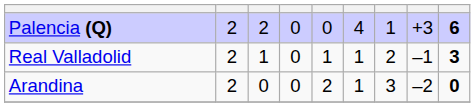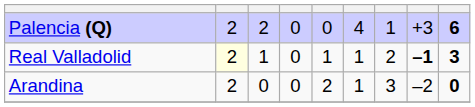 <table class="wikitable" style="text-align: center;">
 <tr>
 <th width="175"></th>
 <th width="20"></th>
 <th width="20"></th>
 <th width="20"></th>
 <th width="20"></th>
 <th width="20"></th>
 <th width="20"></th>
 <th width="20"></th>
 <th width="20"></th>
 </tr>
 <tr bgcolor=#ccccff>
 <td align=left><a href='#'>Palencia</a> <strong>(Q)</strong></td>
 <td>2</td>
 <td>2</td>
 <td>0</td>
 <td>0</td>
 <td>4</td>
 <td>1</td>
 <td>+3</td>
 <td><strong>6</strong></td>
 </tr>
 <tr>
 <td align=left><a href='#'>Real Valladolid</a></td>
-<td>2</td>
+<td style="background: lightyellow;">2</td>
 <td>1</td>
 <td>0</td>
 <td>1</td>
 <td>1</td>
 <td>2</td>
-<td>–1</td>
+<td><strong>–1</strong></td>
 <td><strong>3</strong></td>
 </tr>
 <tr>
 <td align=left><a href='#'>Arandina</a></td>
 <td>2</td>
 <td>0</td>
 <td>0</td>
 <td>2</td>
 <td>1</td>
 <td>3</td>
 <td>–2</td>
 <td><strong>0</strong></td>
 </tr>
 <tr>
 </tr>
 </table>
